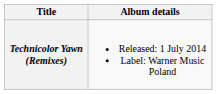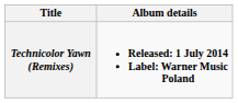 <table class="wikitable plainrowheaders" style="text-align:center;" border="1">
 <tr>
 <th scope="col" style="width:8em;">Title</th>
 <th scope="col" style="width:12em;">Album details</th>
 </tr>
 <tr>
 <th scope="row"><em>Technicolor Yawn (Remixes)</em></th>
-<td><br><ul><li>Released: 1 July 2014</li><li>Label: Warner Music Poland</li></ul></td>
+<td><strong><br><ul><li>Released: 1 July 2014</li><li>Label: Warner Music Poland</li></ul></strong></td>
 </tr>
 </table>
